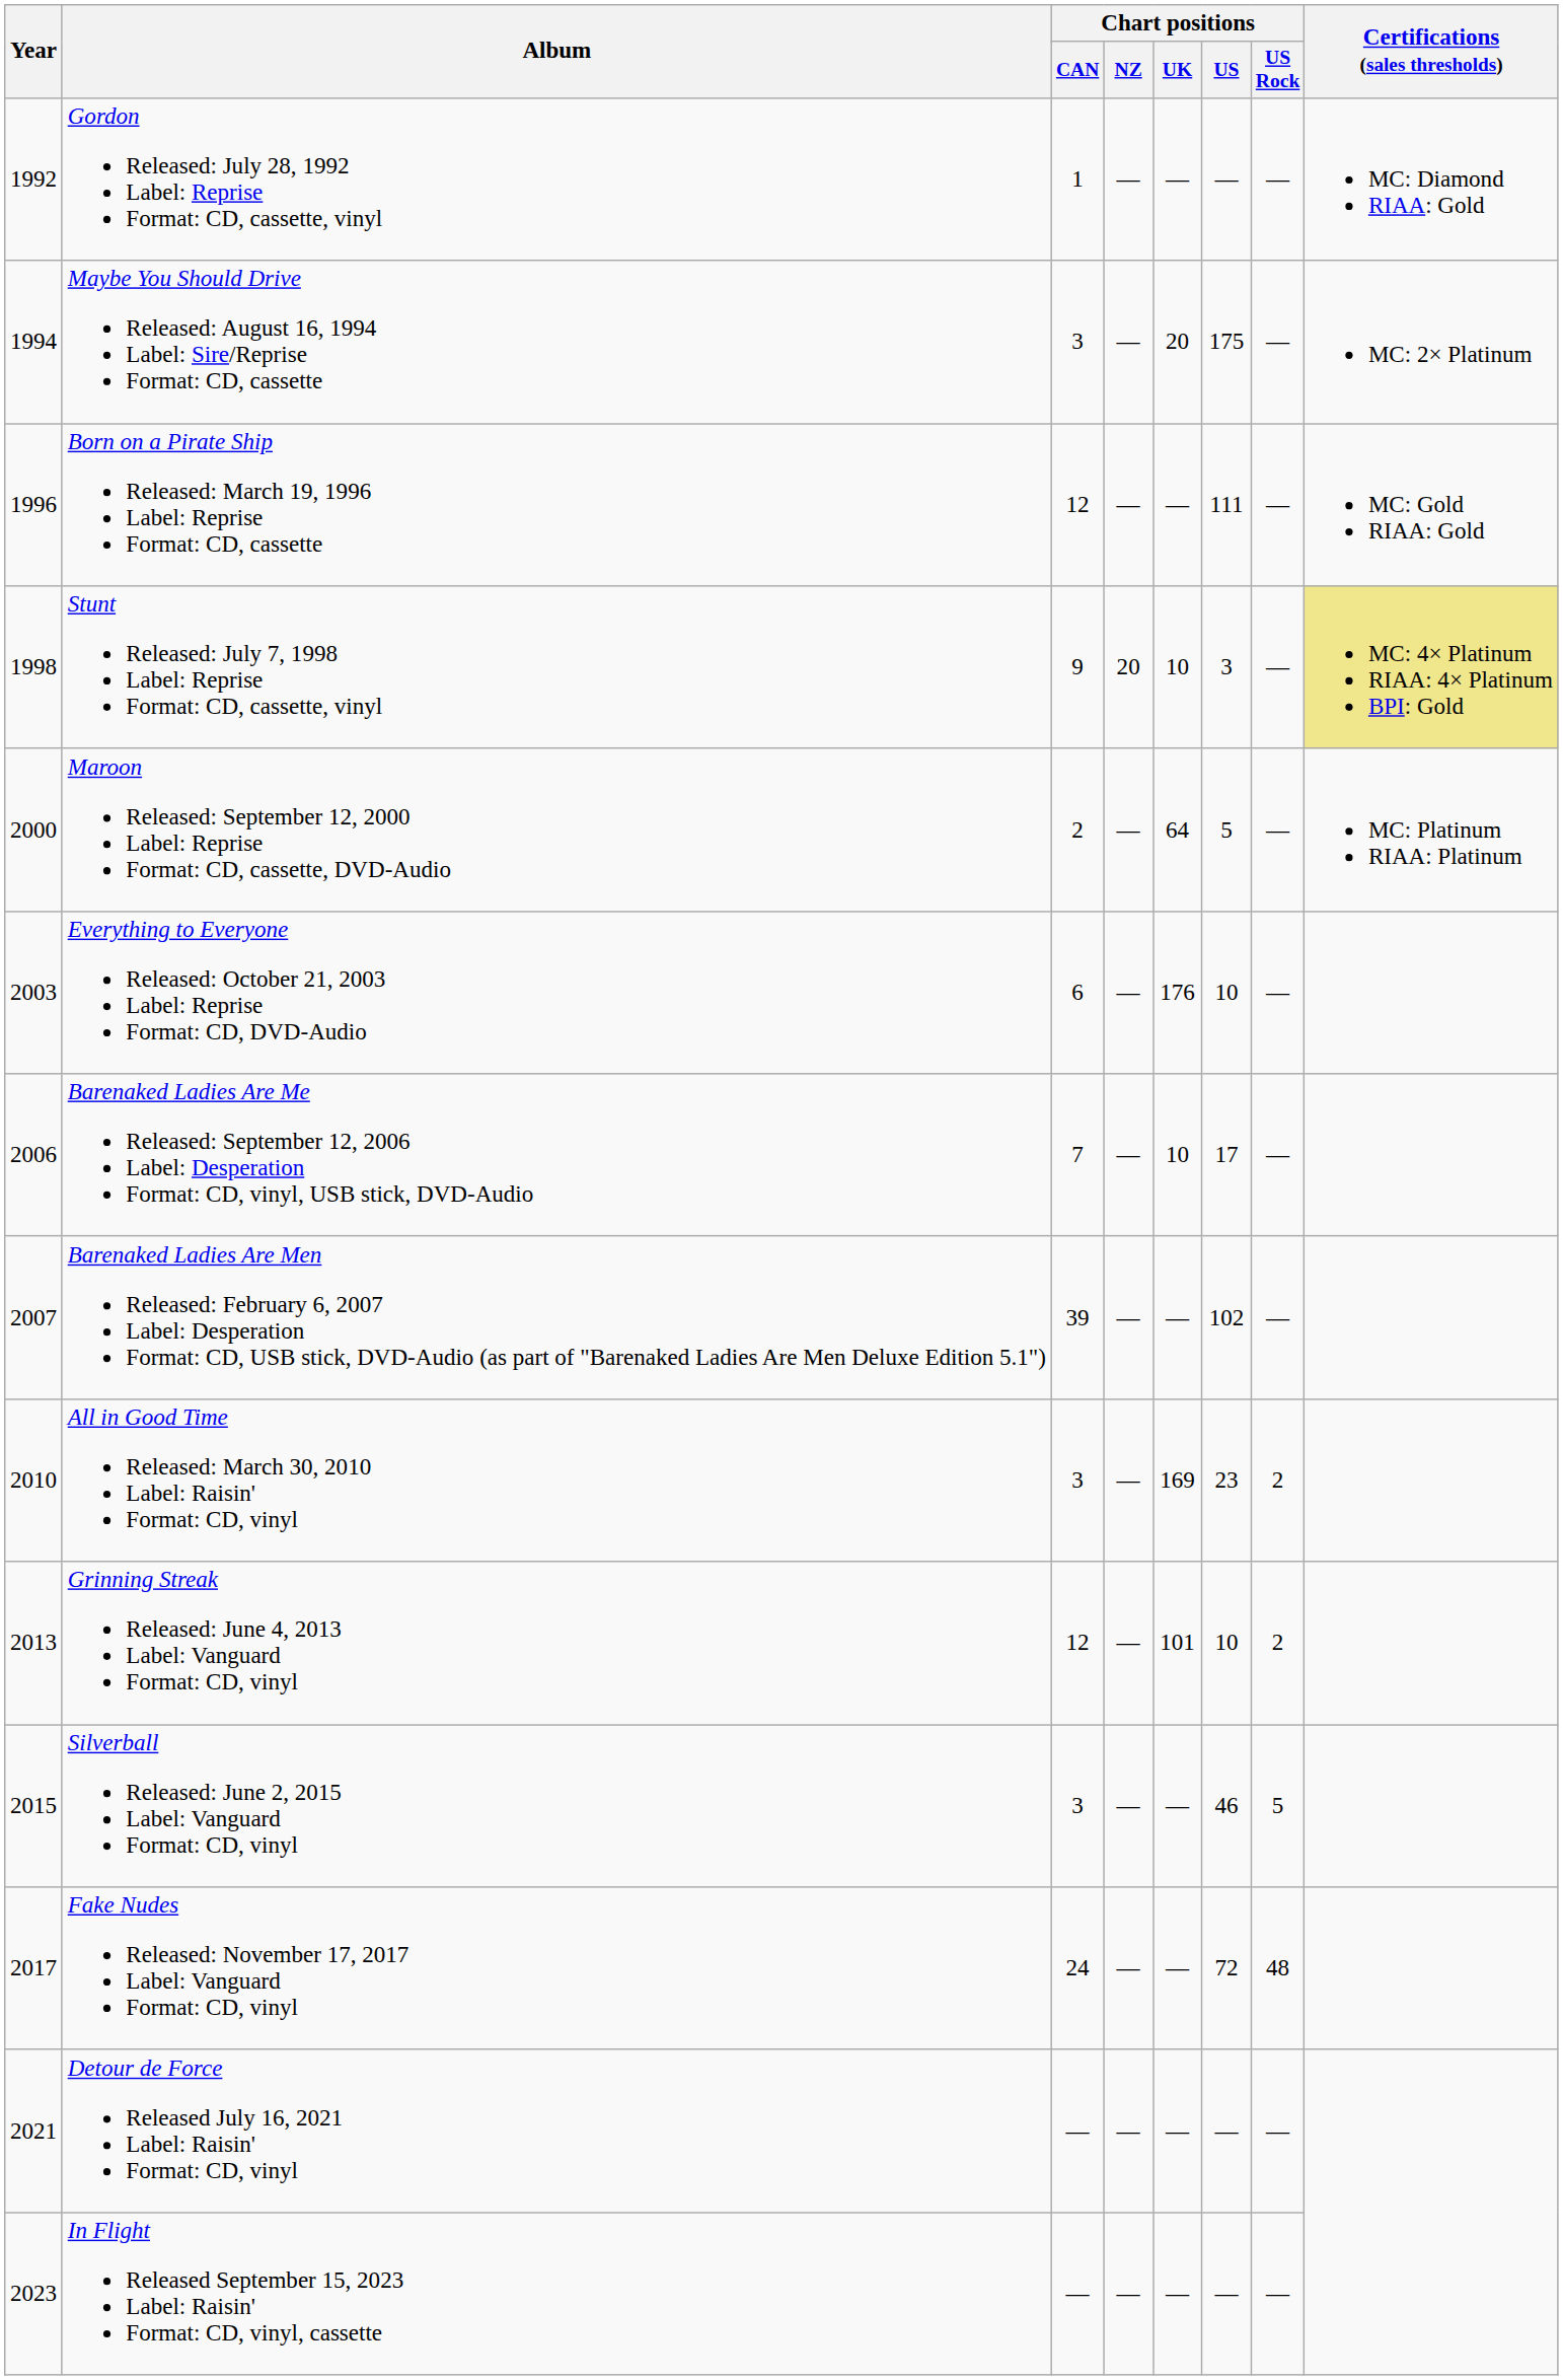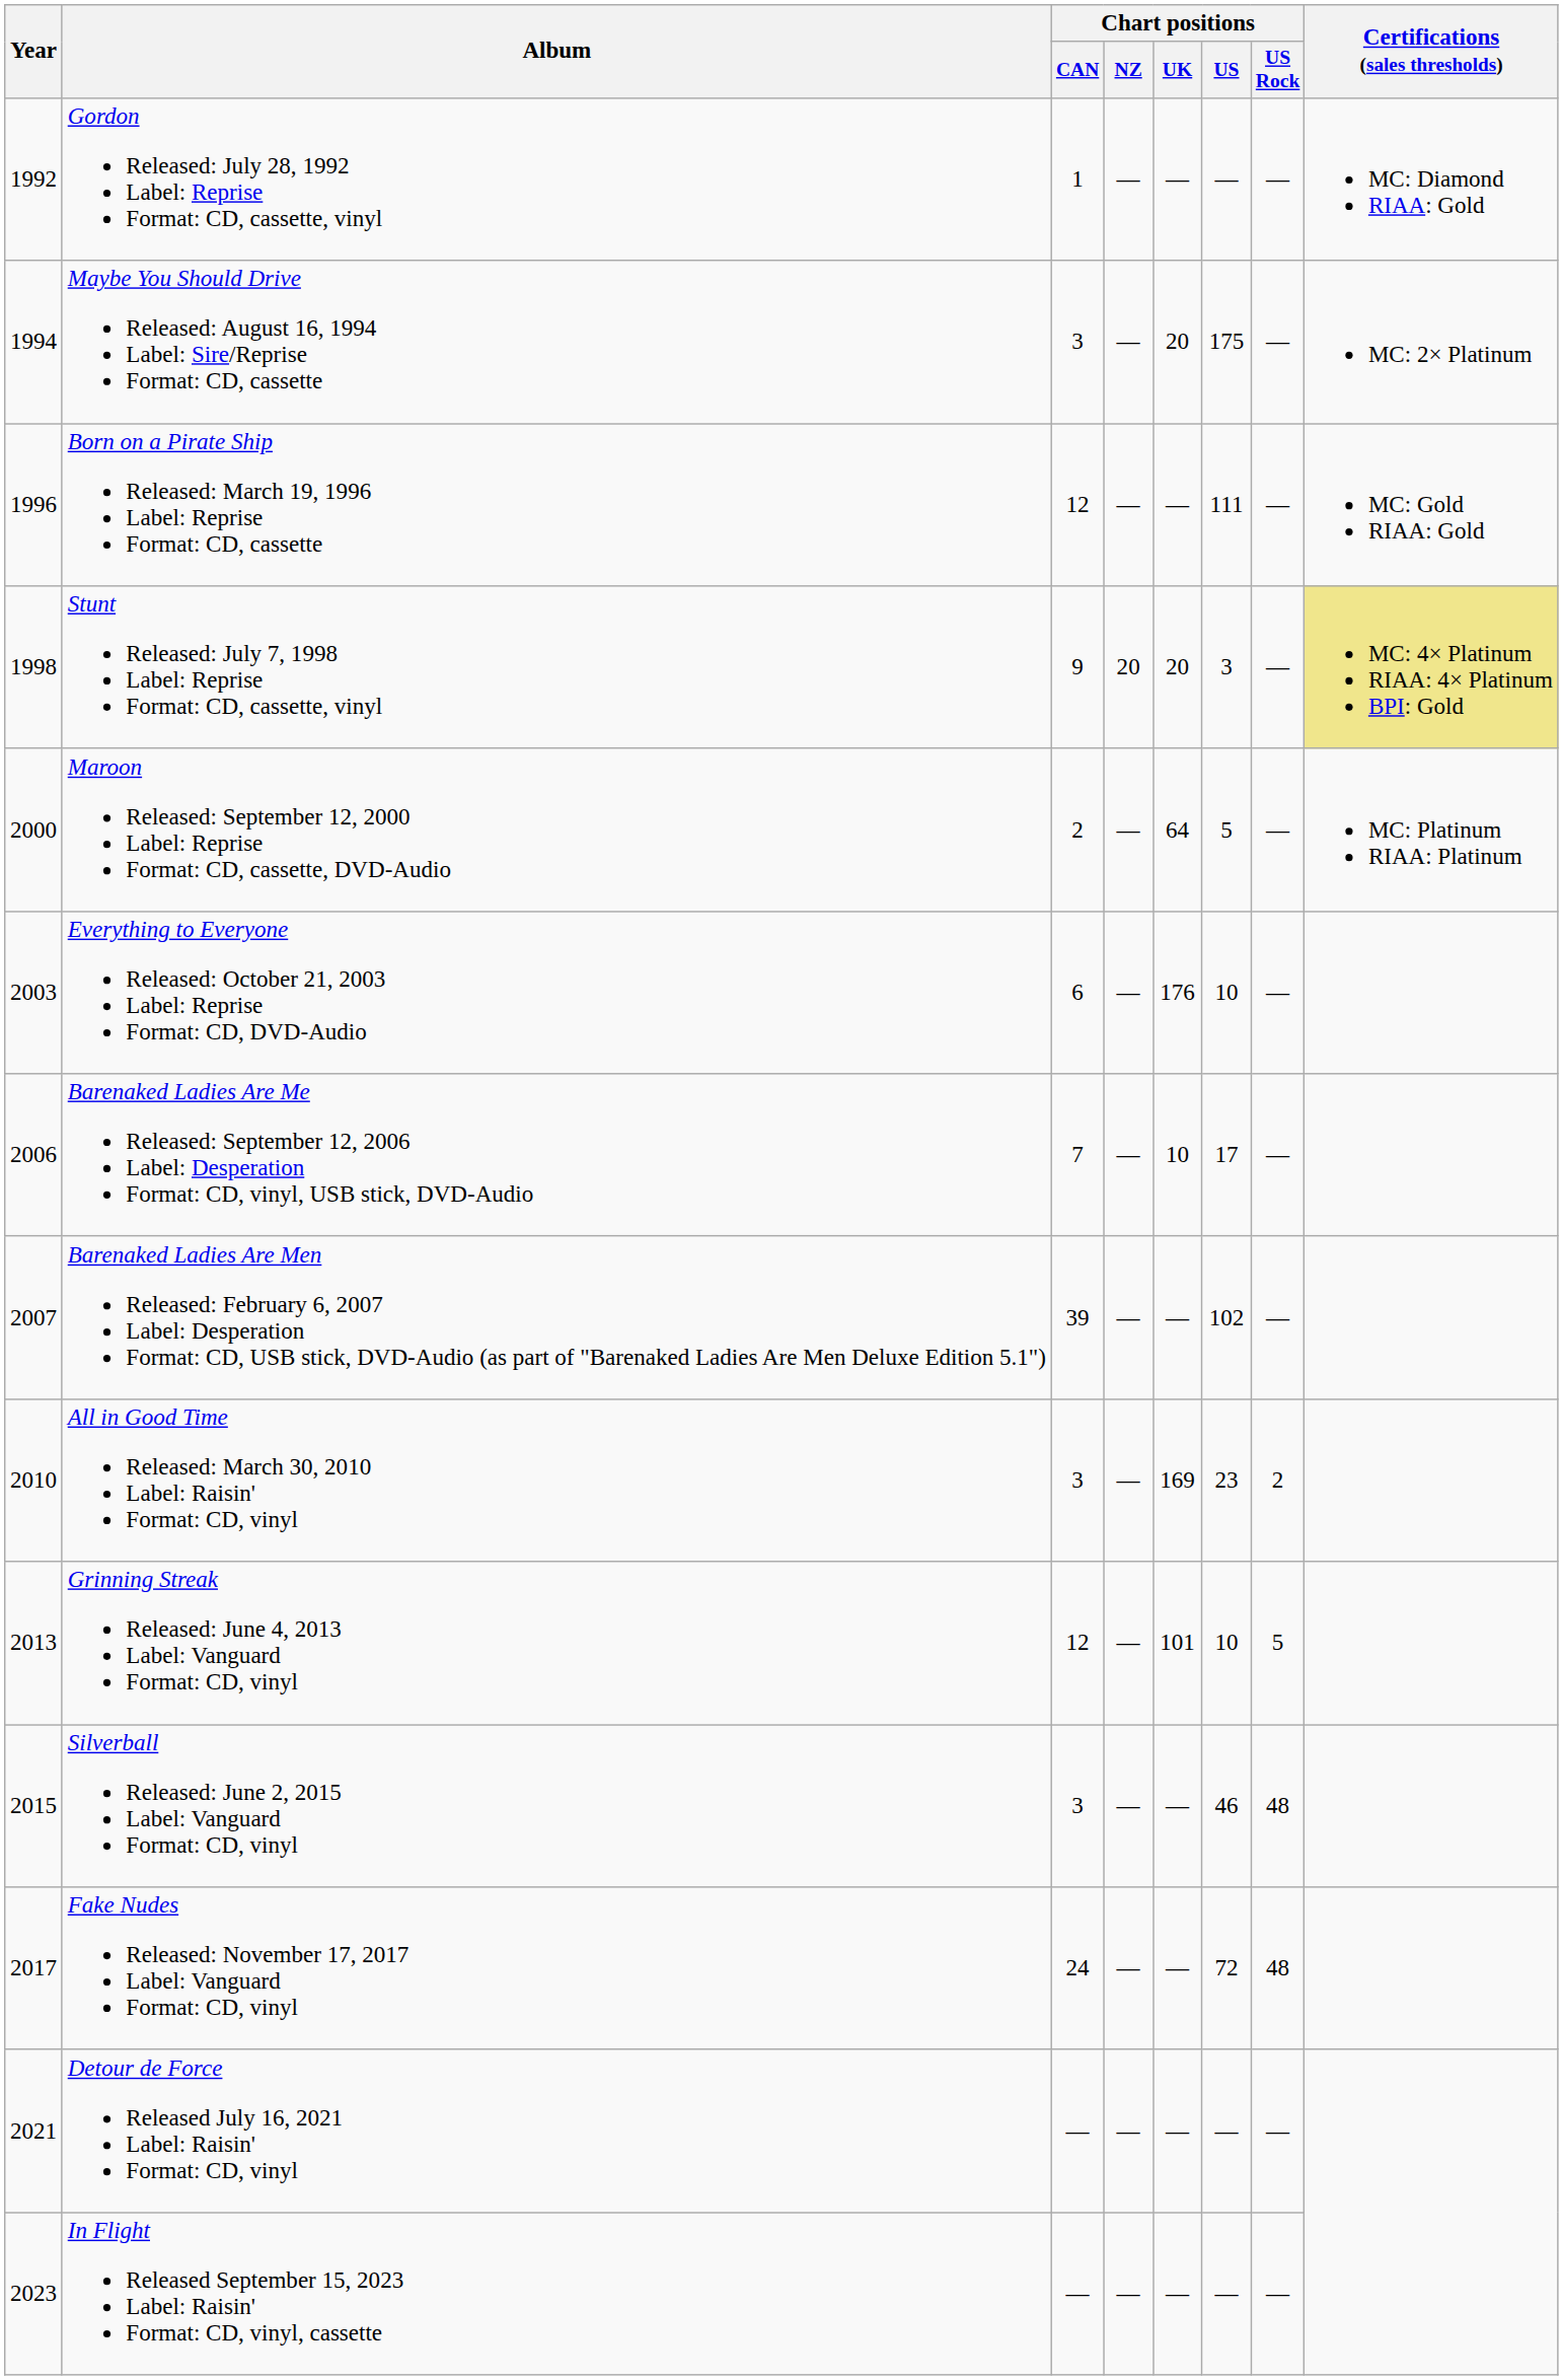 <table class="wikitable">
 <tr>
 <th rowspan="2">Year</th>
 <th rowspan="2">Album</th>
 <th colspan="5">Chart positions</th>
 <th rowspan="2"><a href='#'>Certifications</a><br><small>(<a href='#'>sales thresholds</a>)</small></th>
 </tr>
 <tr>
 <th style="width:2em;font-size:85%"><a href='#'>CAN</a><br></th>
 <th style="width:2em;font-size:85%"><a href='#'>NZ</a><br></th>
 <th style="width:2em;font-size:85%"><a href='#'>UK</a><br></th>
 <th style="width:2em;font-size:85%"><a href='#'>US</a><br></th>
 <th style="width:2em;font-size:85%"><a href='#'>US<br>Rock</a><br></th>
 </tr>
 <tr>
 <td>1992</td>
 <td><em><a href='#'>Gordon</a></em><br><ul><li>Released: July 28, 1992</li><li>Label: <a href='#'>Reprise</a></li><li>Format: CD, cassette, vinyl</li></ul></td>
 <td align="center">1</td>
 <td align="center">—</td>
 <td align="center">—</td>
 <td align="center">—</td>
 <td align="center">—</td>
 <td><br><ul><li>MC: Diamond</li><li><a href='#'>RIAA</a>: Gold</li></ul></td>
 </tr>
 <tr>
 <td>1994</td>
 <td><em><a href='#'>Maybe You Should Drive</a></em><br><ul><li>Released: August 16, 1994</li><li>Label: <a href='#'>Sire</a>/Reprise</li><li>Format: CD, cassette</li></ul></td>
 <td align="center">3</td>
 <td align="center">—</td>
 <td align="center">20</td>
 <td align="center">175</td>
 <td align="center">—</td>
 <td><br><ul><li>MC: 2× Platinum</li></ul></td>
 </tr>
 <tr>
 <td>1996</td>
 <td><em><a href='#'>Born on a Pirate Ship</a></em><br><ul><li>Released: March 19, 1996</li><li>Label: Reprise</li><li>Format: CD, cassette</li></ul></td>
 <td align="center">12</td>
 <td align="center">—</td>
 <td align="center">—</td>
 <td align="center">111</td>
 <td align="center">—</td>
 <td><br><ul><li>MC: Gold</li><li>RIAA: Gold</li></ul></td>
 </tr>
 <tr>
 <td>1998</td>
 <td><em><a href='#'>Stunt</a></em><br><ul><li>Released: July 7, 1998</li><li>Label: Reprise</li><li>Format: CD, cassette, vinyl</li></ul></td>
 <td align="center">9</td>
 <td align="center">20</td>
-<td align="center">10</td>
+<td align="center">20</td>
 <td align="center">3</td>
 <td align="center">—</td>
 <td style="background: khaki;"><br><ul><li>MC: 4× Platinum</li><li>RIAA: 4× Platinum</li><li><a href='#'>BPI</a>: Gold</li></ul></td>
 </tr>
 <tr>
 <td>2000</td>
 <td><em><a href='#'>Maroon</a></em><br><ul><li>Released: September 12, 2000</li><li>Label: Reprise</li><li>Format: CD, cassette, DVD-Audio</li></ul></td>
 <td align="center">2</td>
 <td align="center">—</td>
 <td align="center">64</td>
 <td align="center">5</td>
 <td align="center">—</td>
 <td><br><ul><li>MC: Platinum</li><li>RIAA: Platinum</li></ul></td>
 </tr>
 <tr>
 <td>2003</td>
 <td><em><a href='#'>Everything to Everyone</a></em><br><ul><li>Released: October 21, 2003</li><li>Label: Reprise</li><li>Format: CD, DVD-Audio</li></ul></td>
 <td align="center">6</td>
 <td align="center">—</td>
 <td align="center">176</td>
 <td align="center">10</td>
 <td align="center">—</td>
 <td></td>
 </tr>
 <tr>
 <td>2006</td>
 <td><em><a href='#'>Barenaked Ladies Are Me</a></em><br><ul><li>Released: September 12, 2006</li><li>Label: <a href='#'>Desperation</a></li><li>Format: CD, vinyl, USB stick, DVD-Audio</li></ul></td>
 <td align="center">7</td>
 <td align="center">—</td>
 <td align="center">10</td>
 <td align="center">17</td>
 <td align="center">—</td>
 <td></td>
 </tr>
 <tr>
 <td>2007</td>
 <td><em><a href='#'>Barenaked Ladies Are Men</a></em><br><ul><li>Released: February 6, 2007</li><li>Label: Desperation</li><li>Format: CD, USB stick, DVD-Audio (as part of "Barenaked Ladies Are Men Deluxe Edition 5.1")</li></ul></td>
 <td align="center">39</td>
 <td align="center">—</td>
 <td align="center">—</td>
 <td align="center">102</td>
 <td align="center">—</td>
 <td></td>
 </tr>
 <tr>
 <td>2010</td>
 <td><em><a href='#'>All in Good Time</a></em><br><ul><li>Released: March 30, 2010</li><li>Label: Raisin'</li><li>Format: CD, vinyl</li></ul></td>
 <td align="center">3</td>
 <td align="center">—</td>
 <td align="center">169</td>
 <td align="center">23</td>
 <td align="center">2</td>
 <td></td>
 </tr>
 <tr>
 <td>2013</td>
 <td><em><a href='#'>Grinning Streak</a></em><br><ul><li>Released: June 4, 2013</li><li>Label: Vanguard</li><li>Format: CD, vinyl</li></ul></td>
 <td align="center">12</td>
 <td align="center">—</td>
 <td align="center">101</td>
 <td align="center">10</td>
-<td align="center">2</td>
+<td align="center">5</td>
 <td></td>
 </tr>
 <tr>
 <td>2015</td>
 <td><em><a href='#'>Silverball</a></em><br><ul><li>Released: June 2, 2015</li><li>Label: Vanguard</li><li>Format: CD, vinyl</li></ul></td>
 <td align="center">3</td>
 <td align="center">—</td>
 <td align="center">—</td>
 <td align="center">46</td>
-<td align="center">5</td>
+<td align="center">48</td>
 <td></td>
 </tr>
 <tr>
 <td>2017</td>
 <td><em><a href='#'>Fake Nudes</a></em><br><ul><li>Released: November 17, 2017</li><li>Label: Vanguard</li><li>Format: CD, vinyl</li></ul></td>
 <td align="center">24</td>
 <td align="center">—</td>
 <td align="center">—</td>
 <td align="center">72</td>
 <td align="center">48</td>
 <td></td>
 </tr>
 <tr>
 <td>2021</td>
 <td><em><a href='#'>Detour de Force</a></em><br><ul><li>Released July 16, 2021</li><li>Label: Raisin'</li><li>Format: CD, vinyl</li></ul></td>
 <td align="center">—</td>
 <td align="center">—</td>
 <td align="center">—</td>
 <td align="center">—</td>
 <td align="center">—</td>
 </tr>
 <tr>
 <td>2023</td>
 <td><em><a href='#'>In Flight</a></em><br><ul><li>Released September 15, 2023</li><li>Label: Raisin'</li><li>Format: CD, vinyl, cassette</li></ul></td>
 <td align="center">—</td>
 <td align="center">—</td>
 <td align="center">—</td>
 <td align="center">—</td>
 <td align="center">—</td>
 </tr>
 </table>
